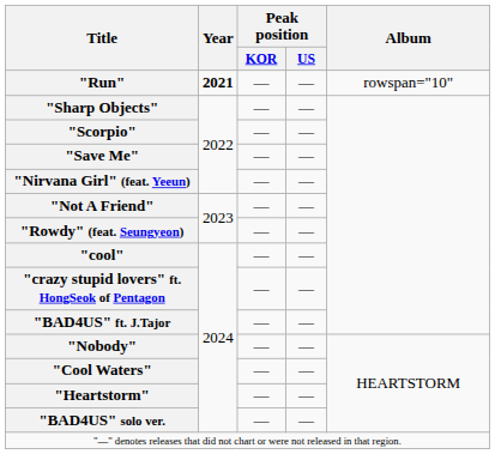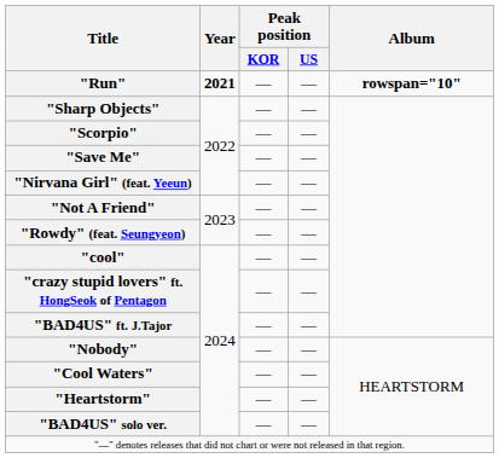 <table class="wikitable plainrowheaders" style="text-align:center;">
 <tr>
 <th scope="col" rowspan="2" style="width:12em;">Title</th>
 <th scope="col" rowspan="2" style="width:2em;">Year</th>
 <th colspan="2">Peak position</th>
 <th scope="col" rowspan="2" style="width:10em;">Album</th>
 </tr>
 <tr>
 <th scope="col" style="width:3em;font-size:90%;"><a href='#'>KOR</a><br></th>
 <th scope="col" style="width:2.5em;font-size:90%;"><a href='#'>US</a><br></th>
 </tr>
 <tr>
 <th scope="row">"Run"</th>
 <td><strong>2021</strong></td>
 <td>—</td>
 <td>—</td>
-<td>rowspan="10" </td>
+<td><strong>rowspan="10" </strong></td>
 </tr>
 <tr>
 <th scope="row">"Sharp Objects"</th>
 <td rowspan="4">2022</td>
 <td>—</td>
 <td>—</td>
 </tr>
 <tr>
 <th scope="row">"Scorpio"</th>
 <td>—</td>
 <td>—</td>
 </tr>
 <tr>
 <th scope="row">"Save Me"</th>
 <td>—</td>
 <td>—</td>
 </tr>
 <tr>
 <th scope="row">"Nirvana Girl" <small>(feat. <a href='#'>Yeeun</a>)</small></th>
 <td>—</td>
 <td>—</td>
 </tr>
 <tr>
 <th scope="row">"Not A Friend"</th>
 <td rowspan="2">2023</td>
 <td>—</td>
 <td>—</td>
 </tr>
 <tr>
 <th scope="row">"Rowdy" <small>(feat. <a href='#'>Seungyeon</a>)</small></th>
 <td>—</td>
 <td>—</td>
 </tr>
 <tr>
 <th scope="row">"cool"</th>
 <td rowspan="7">2024</td>
 <td>—</td>
 <td>—</td>
 </tr>
 <tr>
 <th scope="row">"crazy stupid lovers" <small> ft. <a href='#'>HongSeok</a> of <a href='#'>Pentagon</a> </small></th>
 <td>—</td>
 <td>—</td>
 </tr>
 <tr>
 <th scope="row">"BAD4US" <small> ft. J.Tajor</small></th>
 <td>—</td>
 <td>—</td>
 </tr>
 <tr>
 <th scope="row">"Nobody"</th>
 <td>—</td>
 <td>—</td>
 <td rowspan="4">HEARTSTORM</td>
 </tr>
 <tr>
 <th scope="row">"Cool Waters"</th>
 <td>—</td>
 <td>—</td>
 </tr>
 <tr>
 <th scope="row">"Heartstorm"</th>
 <td>—</td>
 <td>—</td>
 </tr>
 <tr>
 <th scope="row">"BAD4US" <small>solo ver.</small></th>
 <td>—</td>
 <td>—</td>
 </tr>
 <tr>
 <td colspan="5" style="font-size:8pt;">"—" denotes releases that did not chart or were not released in that region.</td>
 </tr>
 </table>
